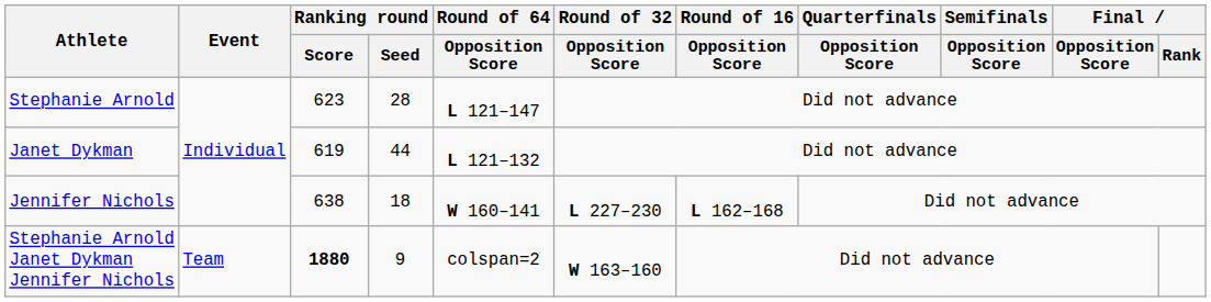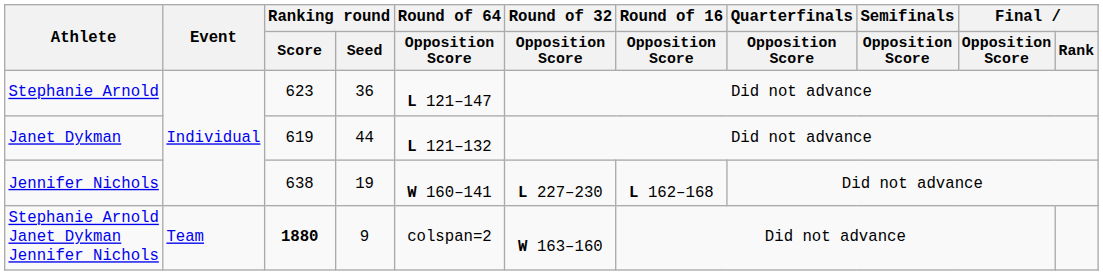 <table class=wikitable style=font-size:90%;text-align:center>
 <tr>
 <th rowspan=2>Athlete</th>
 <th rowspan=2>Event</th>
 <th colspan=2>Ranking round</th>
 <th>Round of 64</th>
 <th>Round of 32</th>
 <th>Round of 16</th>
 <th>Quarterfinals</th>
 <th>Semifinals</th>
 <th colspan=2>Final / </th>
 </tr>
 <tr style=font-size:95%>
 <th>Score</th>
 <th>Seed</th>
 <th>Opposition<br>Score</th>
 <th>Opposition<br>Score</th>
 <th>Opposition<br>Score</th>
 <th>Opposition<br>Score</th>
 <th>Opposition<br>Score</th>
 <th>Opposition<br>Score</th>
 <th>Rank</th>
 </tr>
 <tr>
 <td align=left><a href='#'>Stephanie Arnold</a></td>
 <td align=left rowspan=3><a href='#'>Individual</a></td>
 <td>623</td>
-<td>28</td>
+<td>36</td>
 <td><br><strong>L</strong> 121–147</td>
 <td colspan=6>Did not advance</td>
 </tr>
 <tr>
 <td align=left><a href='#'>Janet Dykman</a></td>
 <td>619</td>
 <td>44</td>
 <td><br><strong>L</strong> 121–132</td>
 <td colspan=6>Did not advance</td>
 </tr>
 <tr>
 <td align=left><a href='#'>Jennifer Nichols</a></td>
 <td>638</td>
-<td>18</td>
+<td>19</td>
 <td><br><strong>W</strong> 160–141</td>
 <td><br><strong>L</strong> 227–230</td>
 <td><br><strong>L</strong> 162–168</td>
 <td colspan=4>Did not advance</td>
 </tr>
 <tr>
 <td align=left><a href='#'>Stephanie Arnold</a><br><a href='#'>Janet Dykman</a><br><a href='#'>Jennifer Nichols</a></td>
 <td align=left><a href='#'>Team</a></td>
 <td><strong>1880</strong></td>
 <td>9</td>
 <td>colspan=2 </td>
 <td><br><strong>W</strong> 163–160</td>
 <td colspan=4>Did not advance</td>
 </tr>
 </table>
